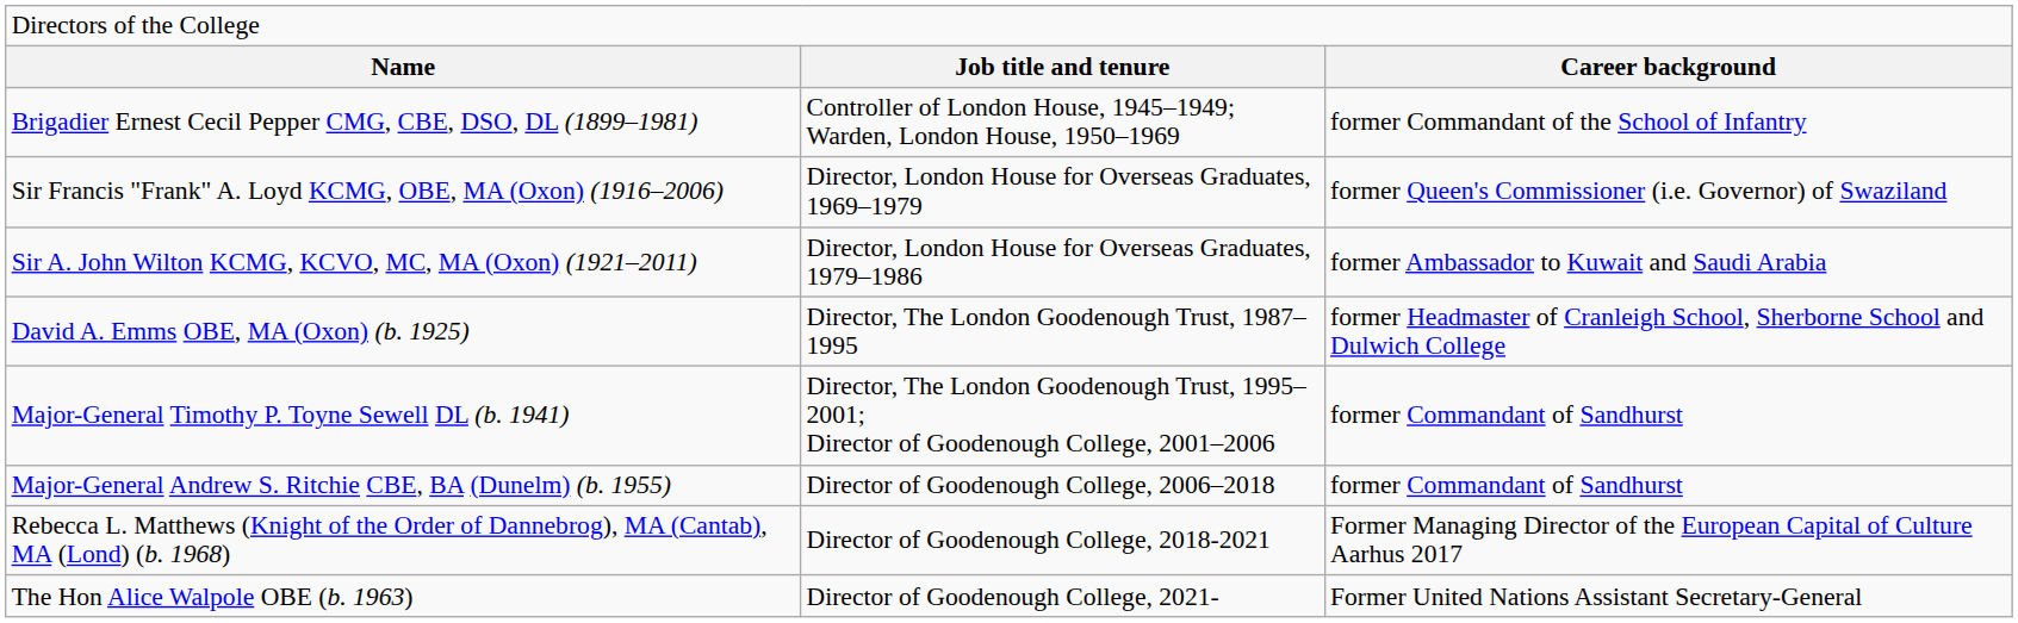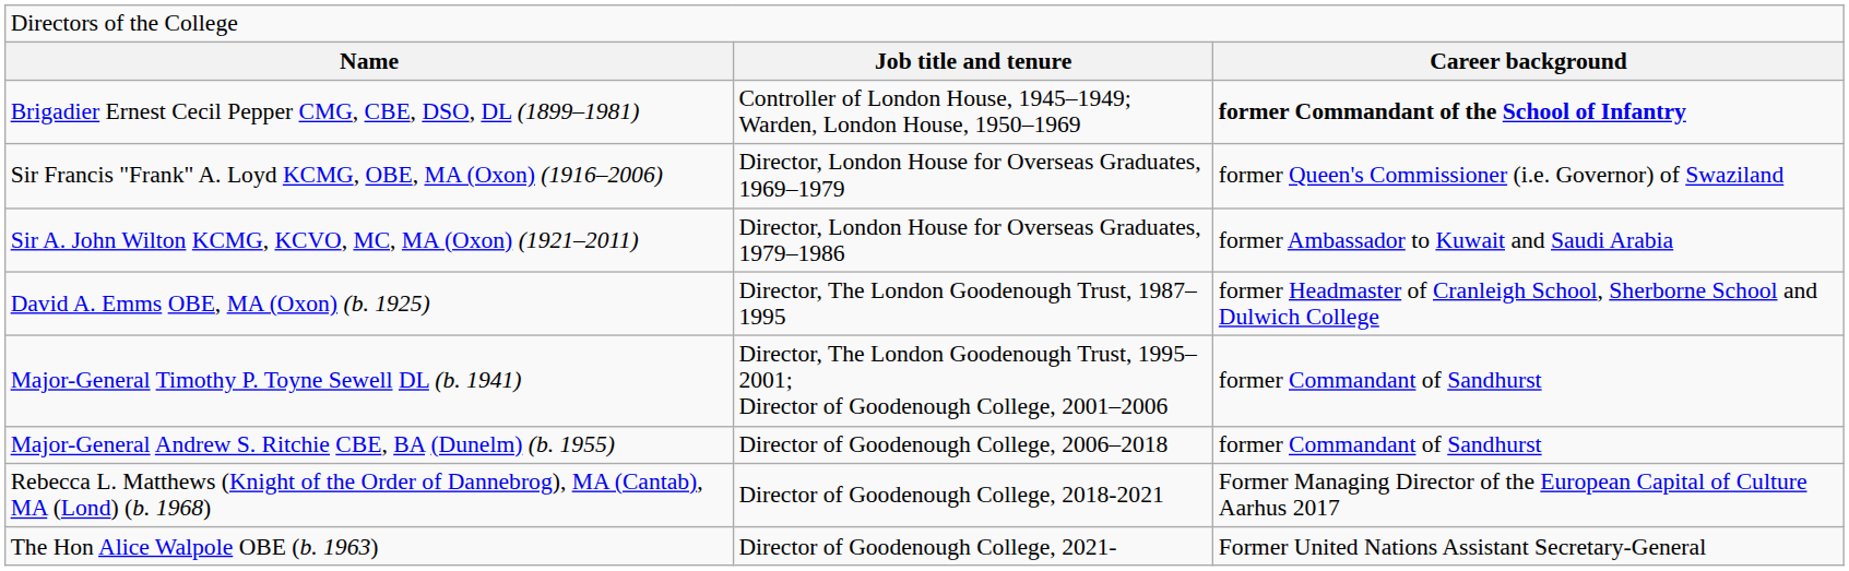 <table class="wikitable">
 <tr>
 <td colspan="3">Directors of the College</td>
 </tr>
 <tr>
 <th>Name</th>
 <th>Job title and tenure</th>
 <th>Career background</th>
 </tr>
 <tr>
 <td><a href='#'>Brigadier</a> Ernest Cecil Pepper <a href='#'>CMG</a>, <a href='#'>CBE</a>, <a href='#'>DSO</a>, <a href='#'>DL</a> <em>(1899–1981)</em> </td>
 <td>Controller of London House, 1945–1949;<br>Warden, London House, 1950–1969</td>
-<td>former Commandant of the <a href='#'>School of Infantry</a></td>
+<td><strong>former Commandant of the <a href='#'>School of Infantry</a></strong></td>
 </tr>
 <tr>
 <td>Sir Francis "Frank" A. Loyd <a href='#'>KCMG</a>, <a href='#'>OBE</a>, <a href='#'>MA (Oxon)</a> <em>(1916–2006)</em> </td>
 <td>Director, London House for Overseas Graduates, 1969–1979</td>
 <td>former <a href='#'>Queen's Commissioner</a> (i.e. Governor) of <a href='#'>Swaziland</a></td>
 </tr>
 <tr>
 <td><a href='#'>Sir A. John Wilton</a> <a href='#'>KCMG</a>, <a href='#'>KCVO</a>, <a href='#'>MC</a>, <a href='#'>MA (Oxon)</a> <em>(1921–2011)</em> </td>
 <td>Director, London House for Overseas Graduates, 1979–1986</td>
 <td>former <a href='#'>Ambassador</a> to <a href='#'>Kuwait</a> and <a href='#'>Saudi Arabia</a></td>
 </tr>
 <tr>
 <td><a href='#'>David A. Emms</a> <a href='#'>OBE</a>, <a href='#'>MA (Oxon)</a> <em>(b. 1925)</em> </td>
 <td>Director, The London Goodenough Trust, 1987–1995</td>
 <td>former <a href='#'>Headmaster</a> of <a href='#'>Cranleigh School</a>, <a href='#'>Sherborne School</a> and <a href='#'>Dulwich College</a></td>
 </tr>
 <tr>
 <td><a href='#'>Major-General</a> <a href='#'>Timothy P. Toyne Sewell</a> <a href='#'>DL</a> <em>(b. 1941)</em> </td>
 <td>Director, The London Goodenough Trust, 1995–2001;<br>Director of Goodenough College, 2001–2006</td>
 <td>former <a href='#'>Commandant</a> of <a href='#'>Sandhurst</a></td>
 </tr>
 <tr>
 <td><a href='#'>Major-General</a> <a href='#'>Andrew S. Ritchie</a> <a href='#'>CBE</a>, <a href='#'>BA</a> <a href='#'>(Dunelm)</a> <em>(b. 1955)</em> </td>
 <td>Director of Goodenough College, 2006–2018</td>
 <td>former <a href='#'>Commandant</a> of <a href='#'>Sandhurst</a></td>
 </tr>
 <tr>
 <td>Rebecca L. Matthews (<a href='#'>Knight of the Order of Dannebrog</a>), <a href='#'>MA (Cantab)</a>, <a href='#'>MA</a> (<a href='#'>Lond</a>) (<em>b. 1968</em>)</td>
 <td>Director of Goodenough College, 2018-2021</td>
 <td>Former Managing Director of the <a href='#'>European Capital of Culture</a> Aarhus 2017</td>
 </tr>
 <tr>
 <td>The Hon <a href='#'>Alice Walpole</a> OBE (<em>b. 1963</em>)</td>
 <td>Director of Goodenough College, 2021-</td>
 <td>Former United Nations Assistant Secretary-General</td>
 </tr>
 </table>
